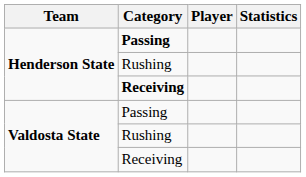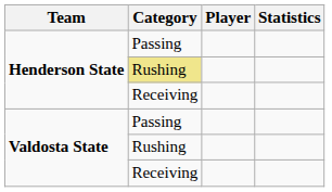 <table class="wikitable" style="float: left;">
 <tr>
 <th>Team</th>
 <th>Category</th>
 <th>Player</th>
 <th>Statistics</th>
 </tr>
 <tr>
 <td rowspan=3><strong>Henderson State</strong></td>
-<td><strong>Passing</strong></td>
+<td>Passing</td>
 <td></td>
 <td></td>
 </tr>
 <tr>
-<td>Rushing</td>
+<td style="background: khaki;">Rushing</td>
 <td></td>
 <td></td>
 </tr>
 <tr>
-<td><strong>Receiving</strong></td>
+<td>Receiving</td>
 <td></td>
 <td></td>
 </tr>
 <tr>
 <td rowspan=3><strong>Valdosta State</strong></td>
 <td>Passing</td>
 <td></td>
 <td></td>
 </tr>
 <tr>
 <td>Rushing</td>
 <td></td>
 <td></td>
 </tr>
 <tr>
 <td>Receiving</td>
 <td></td>
 <td></td>
 </tr>
 </table>
